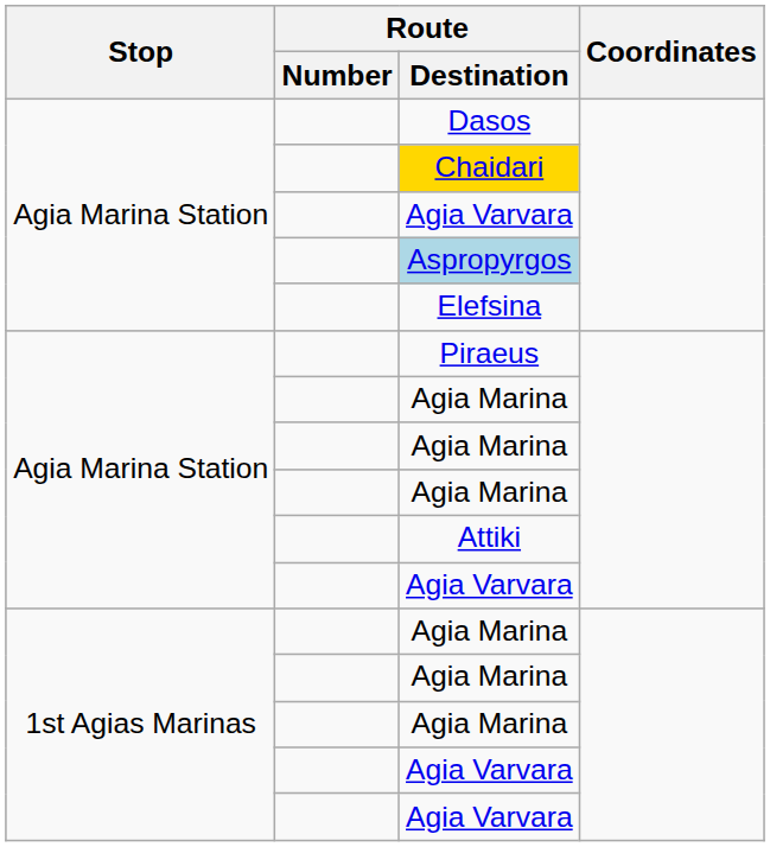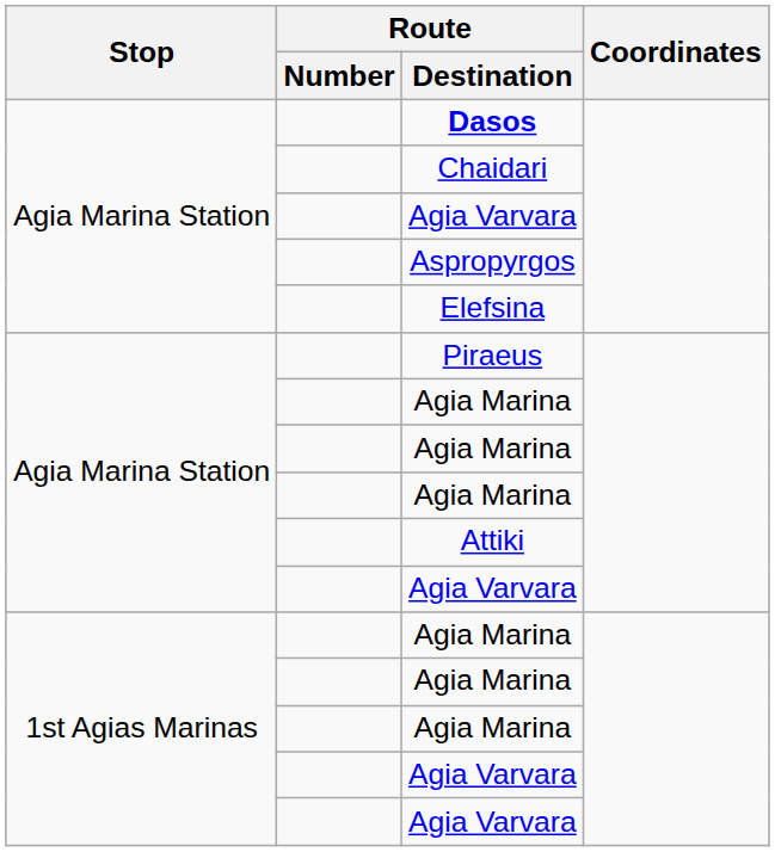 <table cellpadding="5" style="margin:0 auto; text-align:center;"  class="wikitable">
 <tr>
 <th rowspan="2">Stop</th>
 <th colspan="2">Route</th>
 <th rowspan="2">Coordinates</th>
 </tr>
 <tr>
 <th>Number</th>
 <th>Destination</th>
 </tr>
 <tr>
 <td rowspan="5">Agia Marina Station</td>
 <td></td>
-<td><a href='#'>Dasos</a></td>
+<td><strong><a href='#'>Dasos</a></strong></td>
 <td rowspan="5"></td>
 </tr>
 <tr>
 <td></td>
-<td style="background: gold;"><a href='#'>Chaidari</a></td>
+<td><a href='#'>Chaidari</a></td>
 </tr>
 <tr>
 <td></td>
 <td><a href='#'>Agia Varvara</a></td>
 </tr>
 <tr>
 <td></td>
-<td style="background: lightblue;"><a href='#'>Aspropyrgos</a></td>
+<td><a href='#'>Aspropyrgos</a></td>
 </tr>
 <tr>
 <td></td>
 <td><a href='#'>Elefsina</a></td>
 </tr>
 <tr>
 <td rowspan="6">Agia Marina Station</td>
 <td></td>
 <td><a href='#'>Piraeus</a></td>
 <td rowspan="6"></td>
 </tr>
 <tr>
 <td></td>
 <td>Agia Marina</td>
 </tr>
 <tr>
 <td></td>
 <td>Agia Marina</td>
 </tr>
 <tr>
 <td></td>
 <td>Agia Marina</td>
 </tr>
 <tr>
 <td></td>
 <td><a href='#'>Attiki</a></td>
 </tr>
 <tr>
 <td></td>
 <td><a href='#'>Agia Varvara</a></td>
 </tr>
 <tr>
 <td rowspan="5">1st Agias Marinas</td>
 <td></td>
 <td>Agia Marina</td>
 <td rowspan="5"></td>
 </tr>
 <tr>
 <td></td>
 <td>Agia Marina</td>
 </tr>
 <tr>
 <td></td>
 <td>Agia Marina</td>
 </tr>
 <tr>
 <td></td>
 <td><a href='#'>Agia Varvara</a></td>
 </tr>
 <tr>
 <td></td>
 <td><a href='#'>Agia Varvara</a></td>
 </tr>
 </table>
